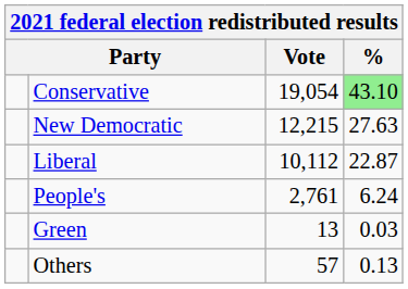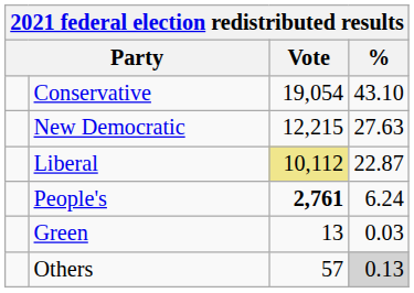 <table class="wikitable">
 <tr>
 <th colspan="4"><a href='#'>2021 federal election</a> redistributed results</th>
 </tr>
 <tr>
 <th bgcolor="#DDDDFF" width="130px" colspan="2">Party</th>
 <th bgcolor="#DDDDFF" width="50px">Vote</th>
 <th bgcolor="#DDDDFF" width="30px">%</th>
 </tr>
 <tr>
 <td> </td>
 <td><a href='#'>Conservative</a></td>
 <td align=right>19,054</td>
-<td align=right style="background: lightgreen;">43.10</td>
+<td align=right>43.10</td>
 </tr>
 <tr>
 <td> </td>
 <td><a href='#'>New Democratic</a></td>
 <td align=right>12,215</td>
 <td align=right>27.63</td>
 </tr>
 <tr>
 <td> </td>
 <td><a href='#'>Liberal</a></td>
-<td align=right>10,112</td>
+<td align=right style="background: khaki;">10,112</td>
 <td align=right>22.87</td>
 </tr>
 <tr>
 <td> </td>
 <td><a href='#'>People's</a></td>
-<td align=right>2,761</td>
+<td align=right><strong>2,761</strong></td>
 <td align=right>6.24</td>
 </tr>
 <tr>
 <td> </td>
 <td><a href='#'>Green</a></td>
 <td align=right>13</td>
 <td align=right>0.03</td>
 </tr>
 <tr>
 <td> </td>
 <td>Others</td>
 <td align=right>57</td>
-<td align=right>0.13</td>
+<td align=right style="background: lightgrey;">0.13</td>
 </tr>
 </table>
